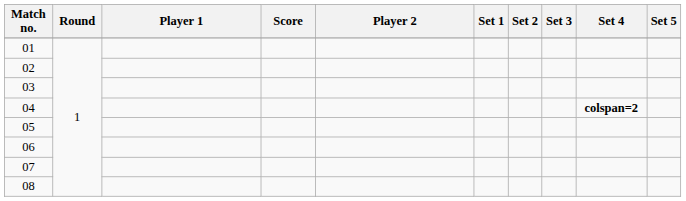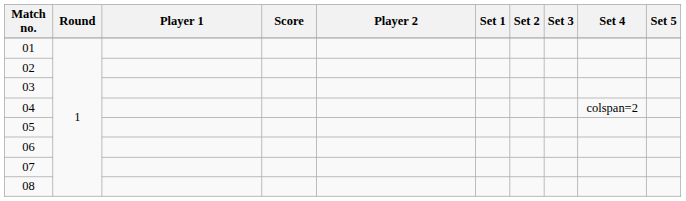 <table class="wikitable" style="text-align: center;">
 <tr>
 <th width="2%">Match no.</th>
 <th width="2%">Round</th>
 <th width="15%">Player 1</th>
 <th width="5%">Score</th>
 <th width="15%">Player 2</th>
 <th width="3%">Set 1</th>
 <th width="3%">Set 2</th>
 <th width="3%">Set 3</th>
 <th width="3%">Set 4</th>
 <th width="3%">Set 5</th>
 </tr>
 <tr>
 </tr>
 <tr style=text-align:center;>
 <td>01</td>
 <td rowspan=8>1</td>
 <td></td>
 <td></td>
 <td></td>
 <td></td>
 <td></td>
 <td></td>
 <td></td>
 <td></td>
 </tr>
 <tr style=text-align:center;>
 <td>02</td>
 <td></td>
 <td></td>
 <td></td>
 <td></td>
 <td></td>
 <td></td>
 <td></td>
 <td></td>
 </tr>
 <tr style=text-align:center;>
 <td>03</td>
 <td></td>
 <td></td>
 <td></td>
 <td></td>
 <td></td>
 <td></td>
 <td></td>
 <td></td>
 </tr>
 <tr style=text-align:center;>
 <td>04</td>
 <td></td>
 <td></td>
 <td></td>
 <td></td>
 <td></td>
 <td></td>
-<td><strong>colspan=2</strong></td>
+<td>colspan=2</td>
 </tr>
 <tr style=text-align:center;>
 <td>05</td>
 <td></td>
 <td></td>
 <td></td>
 <td></td>
 <td></td>
 <td></td>
 <td></td>
 <td></td>
 </tr>
 <tr style=text-align:center;>
 <td>06</td>
 <td></td>
 <td></td>
 <td></td>
 <td></td>
 <td></td>
 <td></td>
 <td></td>
 <td></td>
 </tr>
 <tr style=text-align:center;>
 <td>07</td>
 <td></td>
 <td></td>
 <td></td>
 <td></td>
 <td></td>
 <td></td>
 <td></td>
 <td></td>
 </tr>
 <tr style=text-align:center;>
 <td>08</td>
 <td></td>
 <td></td>
 <td></td>
 <td></td>
 <td></td>
 <td></td>
 <td></td>
 <td></td>
 </tr>
 </table>
